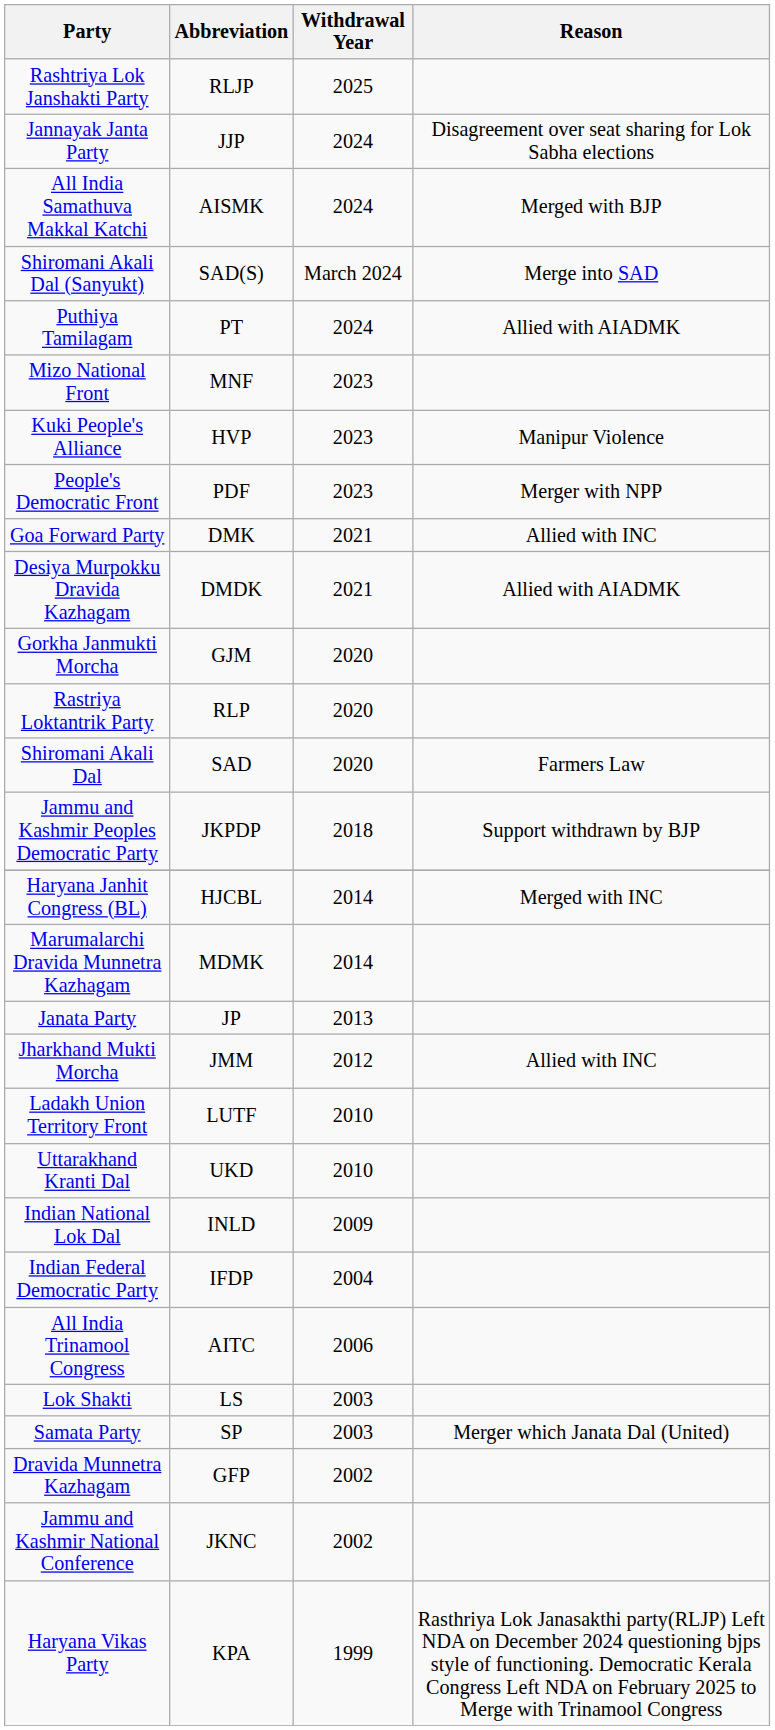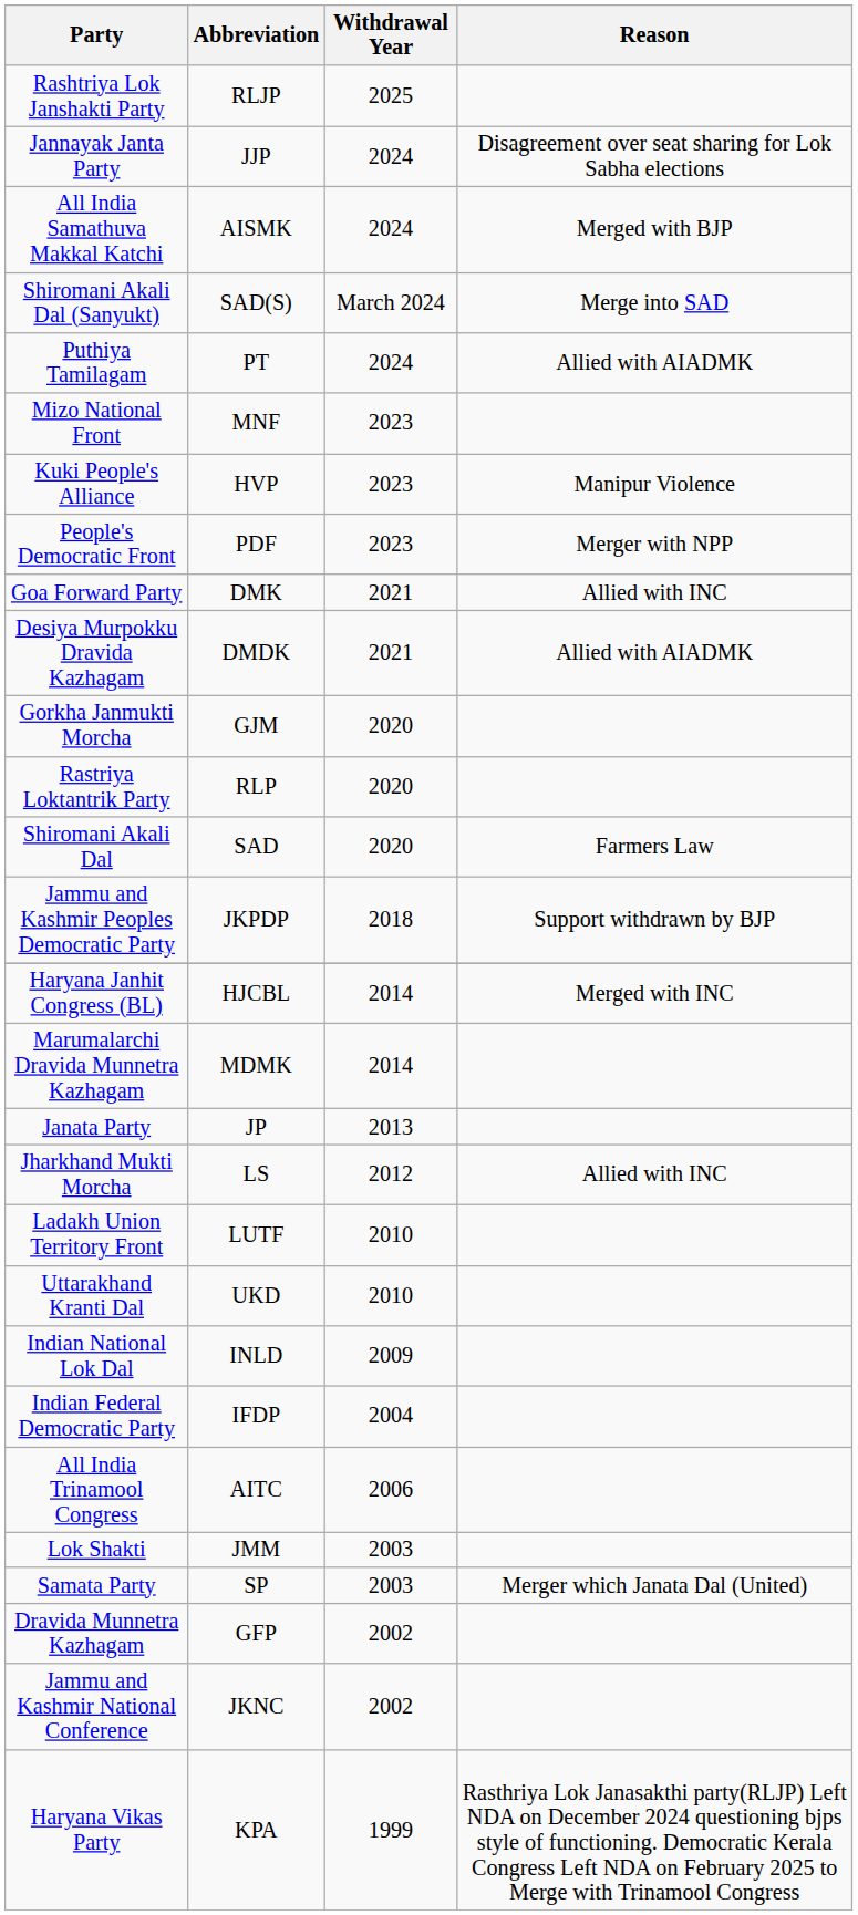 <table class="wikitable plainrowheaders sortable" style="text-align:center;">
 <tr align=center>
 <th scope=col>Party</th>
 <th>Abbreviation</th>
 <th scope="col">Withdrawal Year</th>
 <th>Reason</th>
 </tr>
 <tr>
 <td style="text-align:center;text-align:center;"><a href='#'>Rashtriya Lok Janshakti Party</a></td>
 <td>RLJP</td>
 <td style="text-align:center;text-align:center;">2025</td>
 <td></td>
 </tr>
 <tr>
 <td style="text-align:center;text-align:center;"><a href='#'>Jannayak Janta Party</a></td>
 <td>JJP</td>
 <td style="text-align:center;text-align:center;">2024</td>
 <td>Disagreement over seat sharing for Lok Sabha elections</td>
 </tr>
 <tr>
 <td style="text-align:center;text-align:center;"><a href='#'>All India Samathuva Makkal Katchi</a></td>
 <td>AISMK</td>
 <td style="text-align:center;text-align:center;">2024</td>
 <td>Merged with BJP</td>
 </tr>
 <tr>
 <td><a href='#'>Shiromani Akali Dal (Sanyukt)</a></td>
 <td>SAD(S)</td>
 <td>March 2024</td>
 <td>Merge into <a href='#'>SAD</a></td>
 </tr>
 <tr align=center>
 <td style="text-align:center;text-align:center;"><a href='#'>Puthiya Tamilagam</a></td>
 <td>PT</td>
 <td style="text-align:center;text-align:center;">2024</td>
 <td>Allied with AIADMK</td>
 </tr>
 <tr>
 <td><a href='#'>Mizo National Front</a></td>
 <td>MNF</td>
 <td>2023</td>
 <td></td>
 </tr>
 <tr align=center>
 <td style="text-align:center;text-align:center;"><a href='#'>Kuki People's Alliance</a></td>
 <td>HVP</td>
 <td style="text-align:center;text-align:center;">2023</td>
 <td>Manipur Violence</td>
 </tr>
 <tr align=center>
 <td style="text-align:center;text-align:center;"><a href='#'>People's Democratic Front</a></td>
 <td>PDF</td>
 <td style="text-align:center;text-align:center;">2023</td>
 <td>Merger with NPP</td>
 </tr>
 <tr align=center>
 <td style="text-align:center;text-align:center;"><a href='#'>Goa Forward Party</a></td>
 <td>DMK</td>
 <td style="text-align:center;text-align:center;">2021</td>
 <td>Allied with INC</td>
 </tr>
 <tr align=center>
 <td style="text-align:center;text-align:center;"><a href='#'>Desiya Murpokku Dravida Kazhagam</a></td>
 <td>DMDK</td>
 <td style="text-align:center;text-align:center;">2021</td>
 <td>Allied with AIADMK</td>
 </tr>
 <tr align=center>
 <td style="text-align:center;text-align:center;"><a href='#'>Gorkha Janmukti Morcha</a></td>
 <td>GJM</td>
 <td style="text-align:center;text-align:center;">2020</td>
 <td></td>
 </tr>
 <tr align=center>
 <td style="text-align:center;text-align:center;"><a href='#'>Rastriya Loktantrik Party</a></td>
 <td>RLP</td>
 <td style="text-align:center;text-align:center;">2020</td>
 <td></td>
 </tr>
 <tr align=center>
 <td style="text-align:center;text-align:center;"><a href='#'>Shiromani Akali Dal</a></td>
 <td>SAD</td>
 <td style="text-align:center;text-align:center;">2020</td>
 <td>Farmers Law</td>
 </tr>
 <tr |- align=center>
 <td><a href='#'>Jammu and Kashmir Peoples Democratic Party</a></td>
 <td>JKPDP</td>
 <td>2018</td>
 <td>Support withdrawn by BJP</td>
 </tr>
 <tr align=center>
 </tr>
 <tr align="center">
 <td style="text-align:center;text-align:center;"><a href='#'>Haryana Janhit Congress (BL)</a></td>
 <td>HJCBL</td>
 <td style="text-align:center;text-align:center;">2014</td>
 <td>Merged with INC</td>
 </tr>
 <tr align="center">
 <td style="text-align:center;text-align:center;"><a href='#'>Marumalarchi Dravida Munnetra Kazhagam</a></td>
 <td>MDMK</td>
 <td style="text-align:center;text-align:center;">2014</td>
 <td></td>
 </tr>
 <tr align="center">
 <td style="text-align:center;text-align:center;"><a href='#'>Janata Party</a></td>
 <td>JP</td>
 <td style="text-align:center;text-align:center;">2013</td>
 <td></td>
 </tr>
 <tr align="center">
 <td style="text-align:center;text-align:center;"><a href='#'>Jharkhand Mukti Morcha</a></td>
-<td>JMM</td>
+<td>LS</td>
 <td style="text-align:center;text-align:center;">2012</td>
 <td>Allied with INC</td>
 </tr>
 <tr align="center">
 <td style="text-align:center;text-align:center;"><a href='#'>Ladakh Union Territory Front</a></td>
 <td>LUTF</td>
 <td style="text-align:center;text-align:center;">2010</td>
 <td></td>
 </tr>
 <tr align="center">
 <td style="text-align:center;text-align:center;"><a href='#'>Uttarakhand Kranti Dal</a></td>
 <td>UKD</td>
 <td style="text-align:center;text-align:center;">2010</td>
 <td></td>
 </tr>
 <tr align="center">
 <td style="text-align:center;text-align:center;"><a href='#'>Indian National Lok Dal</a></td>
 <td>INLD</td>
 <td style="text-align:center;text-align:center;">2009</td>
 <td></td>
 </tr>
 <tr align="center">
 <td style="text-align:center;text-align:center;"><a href='#'>Indian Federal Democratic Party</a></td>
 <td>IFDP</td>
 <td style="text-align:center;text-align:center;">2004</td>
 <td></td>
 </tr>
 <tr align=center>
 <td style="text-align:center;text-align:center;"><a href='#'>All India Trinamool Congress</a></td>
 <td>AITC</td>
 <td style="text-align:center;text-align:center;">2006</td>
 <td></td>
 </tr>
 <tr align=center>
 <td style="text-align:center;text-align:center;"><a href='#'>Lok Shakti</a></td>
-<td>LS</td>
+<td>JMM</td>
 <td style="text-align:center;text-align:center;">2003</td>
 <td></td>
 </tr>
 <tr align=center>
 <td style="text-align:center;text-align:center;"><a href='#'>Samata Party</a></td>
 <td>SP</td>
 <td style="text-align:center;text-align:center;">2003</td>
 <td>Merger which Janata Dal (United)</td>
 </tr>
 <tr align="center">
 <td style="text-align:center;text-align:center;"><a href='#'>Dravida Munnetra Kazhagam</a></td>
 <td>GFP</td>
 <td style="text-align:center;text-align:center;">2002</td>
 <td></td>
 </tr>
 <tr align="center">
 <td style="text-align:center;text-align:center;"><a href='#'>Jammu and Kashmir National Conference</a></td>
 <td>JKNC</td>
 <td style="text-align:center;text-align:center;">2002</td>
 <td></td>
 </tr>
 <tr align="center">
 <td style="text-align:center;text-align:center;"><a href='#'>Haryana Vikas Party</a></td>
 <td>KPA</td>
 <td style="text-align:center;text-align:center;">1999</td>
 <td><br>Rasthriya Lok Janasakthi party(RLJP) Left NDA on December 2024 questioning bjps style of functioning. Democratic Kerala Congress Left NDA on February 2025 to Merge with Trinamool Congress</td>
 </tr>
 </table>
